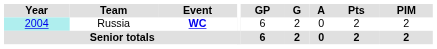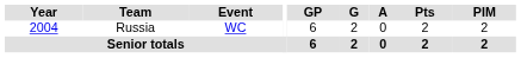 <table border="0" cellpadding="1" cellspacing="0" ID="Table3" style="text-align:center; width:40em">
 <tr bgcolor="#e0e0e0">
 <th>Year</th>
 <th>Team</th>
 <th>Event</th>
 <th rowspan="102" bgcolor="#ffffff"></th>
 <th>GP</th>
 <th>G</th>
 <th>A</th>
 <th>Pts</th>
 <th>PIM</th>
 </tr>
 <tr>
-<td style="background: paleturquoise;"><a href='#'>2004</a></td>
+<td><a href='#'>2004</a></td>
 <td>Russia</td>
-<td><strong><a href='#'>WC</a></strong></td>
+<td><a href='#'>WC</a></td>
 <td>6</td>
 <td>2</td>
 <td>0</td>
 <td>2</td>
 <td>2</td>
 </tr>
 <tr bgcolor="#e0e0e0">
 <th colspan="4">Senior totals</th>
 <th>6</th>
 <th>2</th>
 <th>0</th>
 <th>2</th>
 <th>2</th>
 </tr>
 </table>
